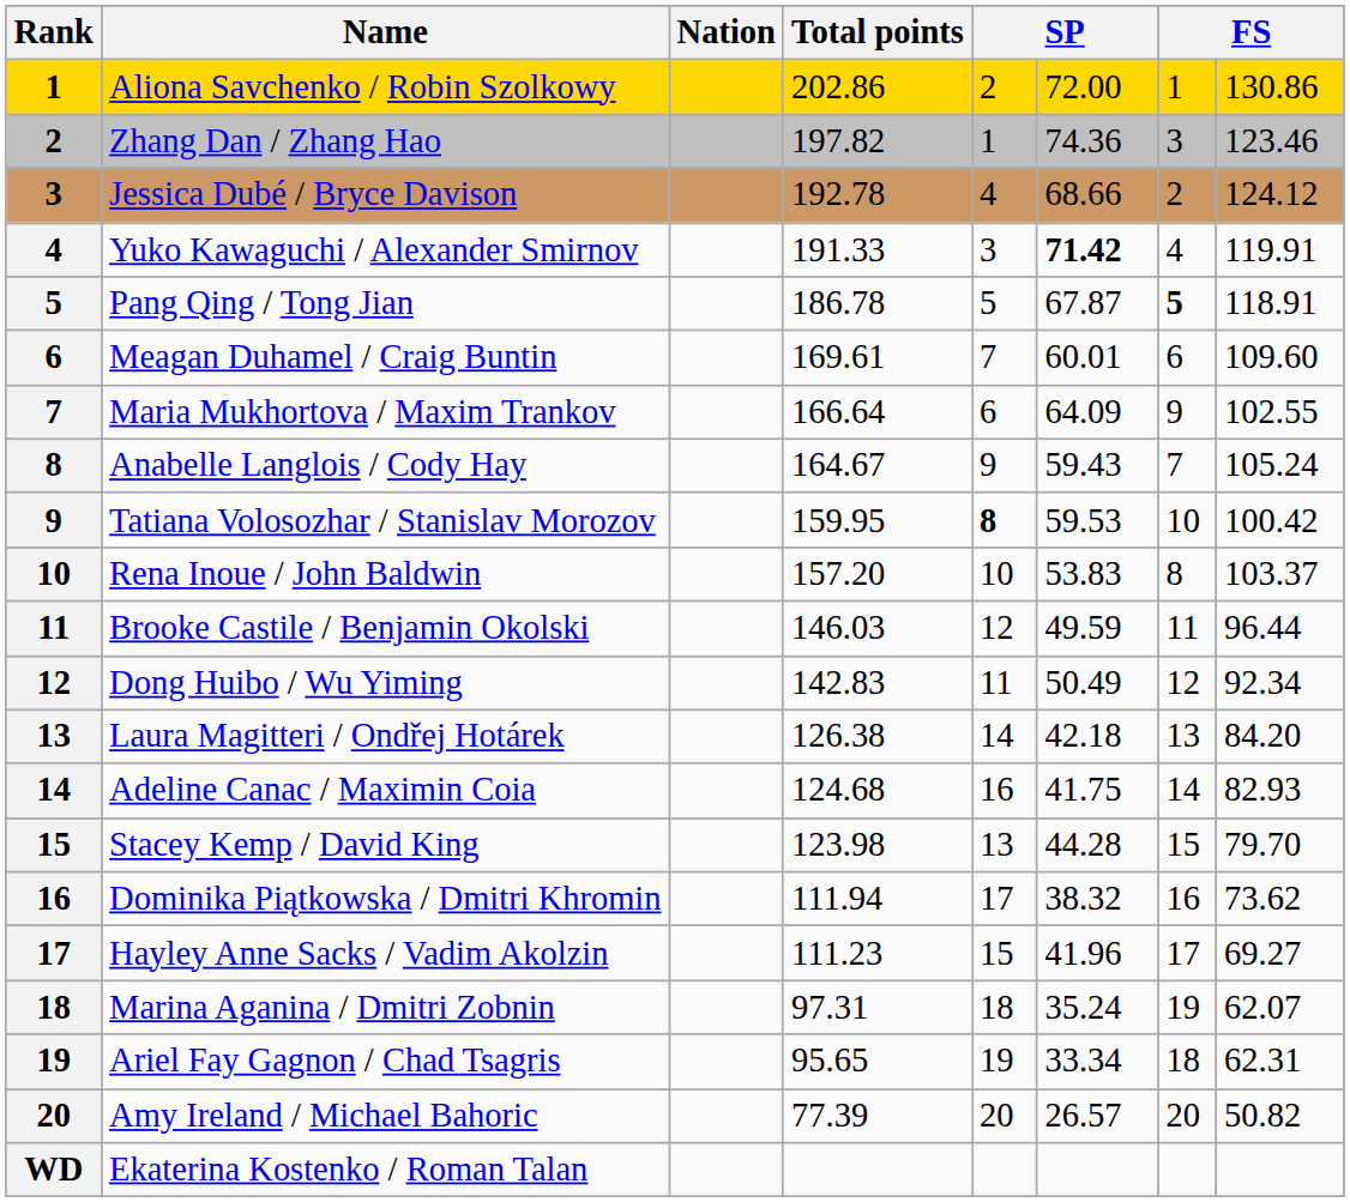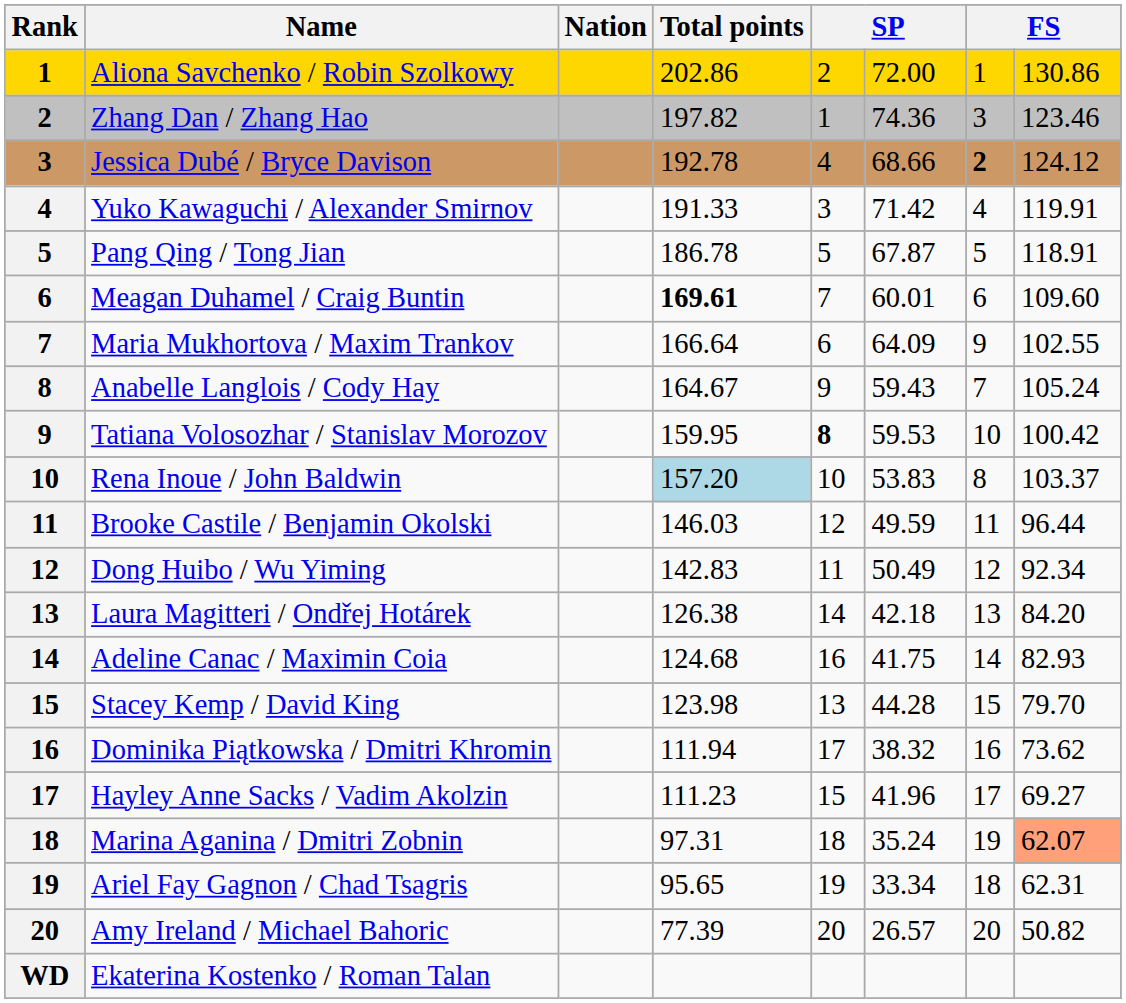 <table class="wikitable sortable">
 <tr>
 <th>Rank</th>
 <th>Name</th>
 <th>Nation</th>
 <th>Total points</th>
 <th colspan="2" width="80px"><a href='#'>SP</a></th>
 <th colspan="2" width="80px"><a href='#'>FS</a></th>
 </tr>
 <tr bgcolor=gold>
 <td align=center><strong>1</strong></td>
 <td><a href='#'>Aliona Savchenko</a> / <a href='#'>Robin Szolkowy</a></td>
 <td></td>
 <td>202.86</td>
 <td>2</td>
 <td>72.00</td>
 <td>1</td>
 <td>130.86</td>
 </tr>
 <tr bgcolor=silver>
 <td align=center><strong>2</strong></td>
 <td><a href='#'>Zhang Dan</a> / <a href='#'>Zhang Hao</a></td>
 <td></td>
 <td>197.82</td>
 <td>1</td>
 <td>74.36</td>
 <td>3</td>
 <td>123.46</td>
 </tr>
 <tr bgcolor=cc9966>
 <td align=center><strong>3</strong></td>
 <td><a href='#'>Jessica Dubé</a> / <a href='#'>Bryce Davison</a></td>
 <td></td>
 <td>192.78</td>
 <td>4</td>
 <td>68.66</td>
-<td>2</td>
+<td><strong>2</strong></td>
 <td>124.12</td>
 </tr>
 <tr>
 <th>4</th>
 <td><a href='#'>Yuko Kawaguchi</a> / <a href='#'>Alexander Smirnov</a></td>
 <td></td>
 <td>191.33</td>
 <td>3</td>
-<td><strong>71.42</strong></td>
+<td>71.42</td>
 <td>4</td>
 <td>119.91</td>
 </tr>
 <tr>
 <th>5</th>
 <td><a href='#'>Pang Qing</a> / <a href='#'>Tong Jian</a></td>
 <td></td>
 <td>186.78</td>
 <td>5</td>
 <td>67.87</td>
-<td><strong>5</strong></td>
+<td>5</td>
 <td>118.91</td>
 </tr>
 <tr>
 <th>6</th>
 <td><a href='#'>Meagan Duhamel</a> / <a href='#'>Craig Buntin</a></td>
 <td></td>
-<td>169.61</td>
+<td><strong>169.61</strong></td>
 <td>7</td>
 <td>60.01</td>
 <td>6</td>
 <td>109.60</td>
 </tr>
 <tr>
 <th>7</th>
 <td><a href='#'>Maria Mukhortova</a> / <a href='#'>Maxim Trankov</a></td>
 <td></td>
 <td>166.64</td>
 <td>6</td>
 <td>64.09</td>
 <td>9</td>
 <td>102.55</td>
 </tr>
 <tr>
 <th>8</th>
 <td><a href='#'>Anabelle Langlois</a> / <a href='#'>Cody Hay</a></td>
 <td></td>
 <td>164.67</td>
 <td>9</td>
 <td>59.43</td>
 <td>7</td>
 <td>105.24</td>
 </tr>
 <tr>
 <th>9</th>
 <td><a href='#'>Tatiana Volosozhar</a> / <a href='#'>Stanislav Morozov</a></td>
 <td></td>
 <td>159.95</td>
 <td><strong>8</strong></td>
 <td>59.53</td>
 <td>10</td>
 <td>100.42</td>
 </tr>
 <tr>
 <th>10</th>
 <td><a href='#'>Rena Inoue</a> / <a href='#'>John Baldwin</a></td>
 <td></td>
-<td>157.20</td>
+<td style="background: lightblue;">157.20</td>
 <td>10</td>
 <td>53.83</td>
 <td>8</td>
 <td>103.37</td>
 </tr>
 <tr>
 <th>11</th>
 <td><a href='#'>Brooke Castile</a> / <a href='#'>Benjamin Okolski</a></td>
 <td></td>
 <td>146.03</td>
 <td>12</td>
 <td>49.59</td>
 <td>11</td>
 <td>96.44</td>
 </tr>
 <tr>
 <th>12</th>
 <td><a href='#'>Dong Huibo</a> / <a href='#'>Wu Yiming</a></td>
 <td></td>
 <td>142.83</td>
 <td>11</td>
 <td>50.49</td>
 <td>12</td>
 <td>92.34</td>
 </tr>
 <tr>
 <th>13</th>
 <td><a href='#'>Laura Magitteri</a> / <a href='#'>Ondřej Hotárek</a></td>
 <td></td>
 <td>126.38</td>
 <td>14</td>
 <td>42.18</td>
 <td>13</td>
 <td>84.20</td>
 </tr>
 <tr>
 <th>14</th>
 <td><a href='#'>Adeline Canac</a> / <a href='#'>Maximin Coia</a></td>
 <td></td>
 <td>124.68</td>
 <td>16</td>
 <td>41.75</td>
 <td>14</td>
 <td>82.93</td>
 </tr>
 <tr>
 <th>15</th>
 <td><a href='#'>Stacey Kemp</a> / <a href='#'>David King</a></td>
 <td></td>
 <td>123.98</td>
 <td>13</td>
 <td>44.28</td>
 <td>15</td>
 <td>79.70</td>
 </tr>
 <tr>
 <th>16</th>
 <td><a href='#'>Dominika Piątkowska</a> / <a href='#'>Dmitri Khromin</a></td>
 <td></td>
 <td>111.94</td>
 <td>17</td>
 <td>38.32</td>
 <td>16</td>
 <td>73.62</td>
 </tr>
 <tr>
 <th>17</th>
 <td><a href='#'>Hayley Anne Sacks</a> / <a href='#'>Vadim Akolzin</a></td>
 <td></td>
 <td>111.23</td>
 <td>15</td>
 <td>41.96</td>
 <td>17</td>
 <td>69.27</td>
 </tr>
 <tr>
 <th>18</th>
 <td><a href='#'>Marina Aganina</a> / <a href='#'>Dmitri Zobnin</a></td>
 <td></td>
 <td>97.31</td>
 <td>18</td>
 <td>35.24</td>
 <td>19</td>
-<td>62.07</td>
+<td style="background: lightsalmon;">62.07</td>
 </tr>
 <tr>
 <th>19</th>
 <td><a href='#'>Ariel Fay Gagnon</a> / <a href='#'>Chad Tsagris</a></td>
 <td></td>
 <td>95.65</td>
 <td>19</td>
 <td>33.34</td>
 <td>18</td>
 <td>62.31</td>
 </tr>
 <tr>
 <th>20</th>
 <td><a href='#'>Amy Ireland</a> / <a href='#'>Michael Bahoric</a></td>
 <td></td>
 <td>77.39</td>
 <td>20</td>
 <td>26.57</td>
 <td>20</td>
 <td>50.82</td>
 </tr>
 <tr>
 <th>WD</th>
 <td><a href='#'>Ekaterina Kostenko</a> / <a href='#'>Roman Talan</a></td>
 <td></td>
 <td></td>
 <td></td>
 <td></td>
 <td></td>
 <td></td>
 </tr>
 </table>
